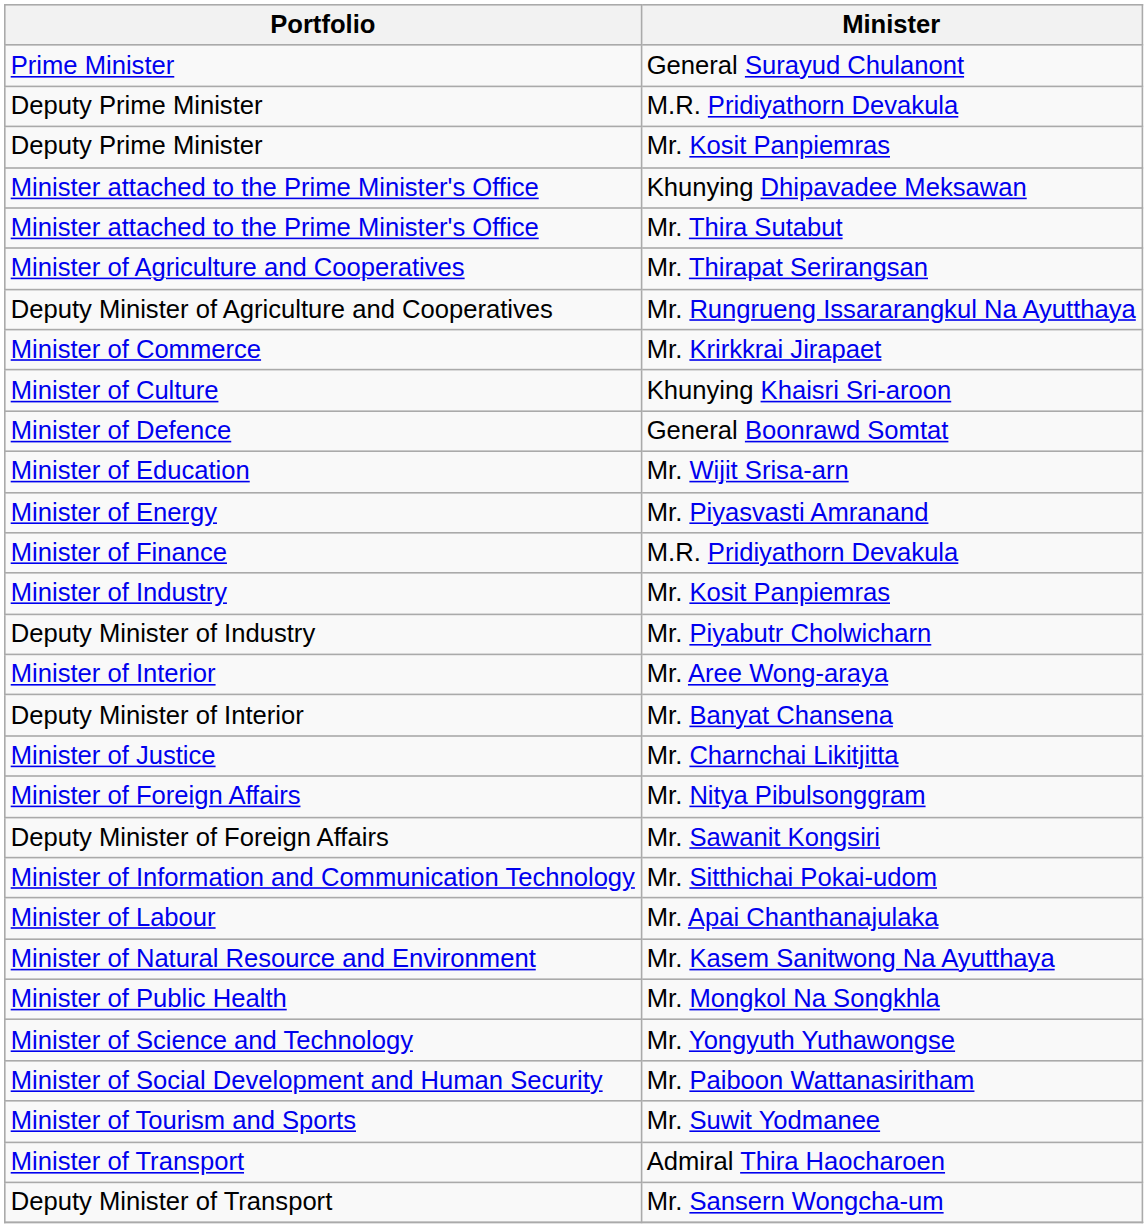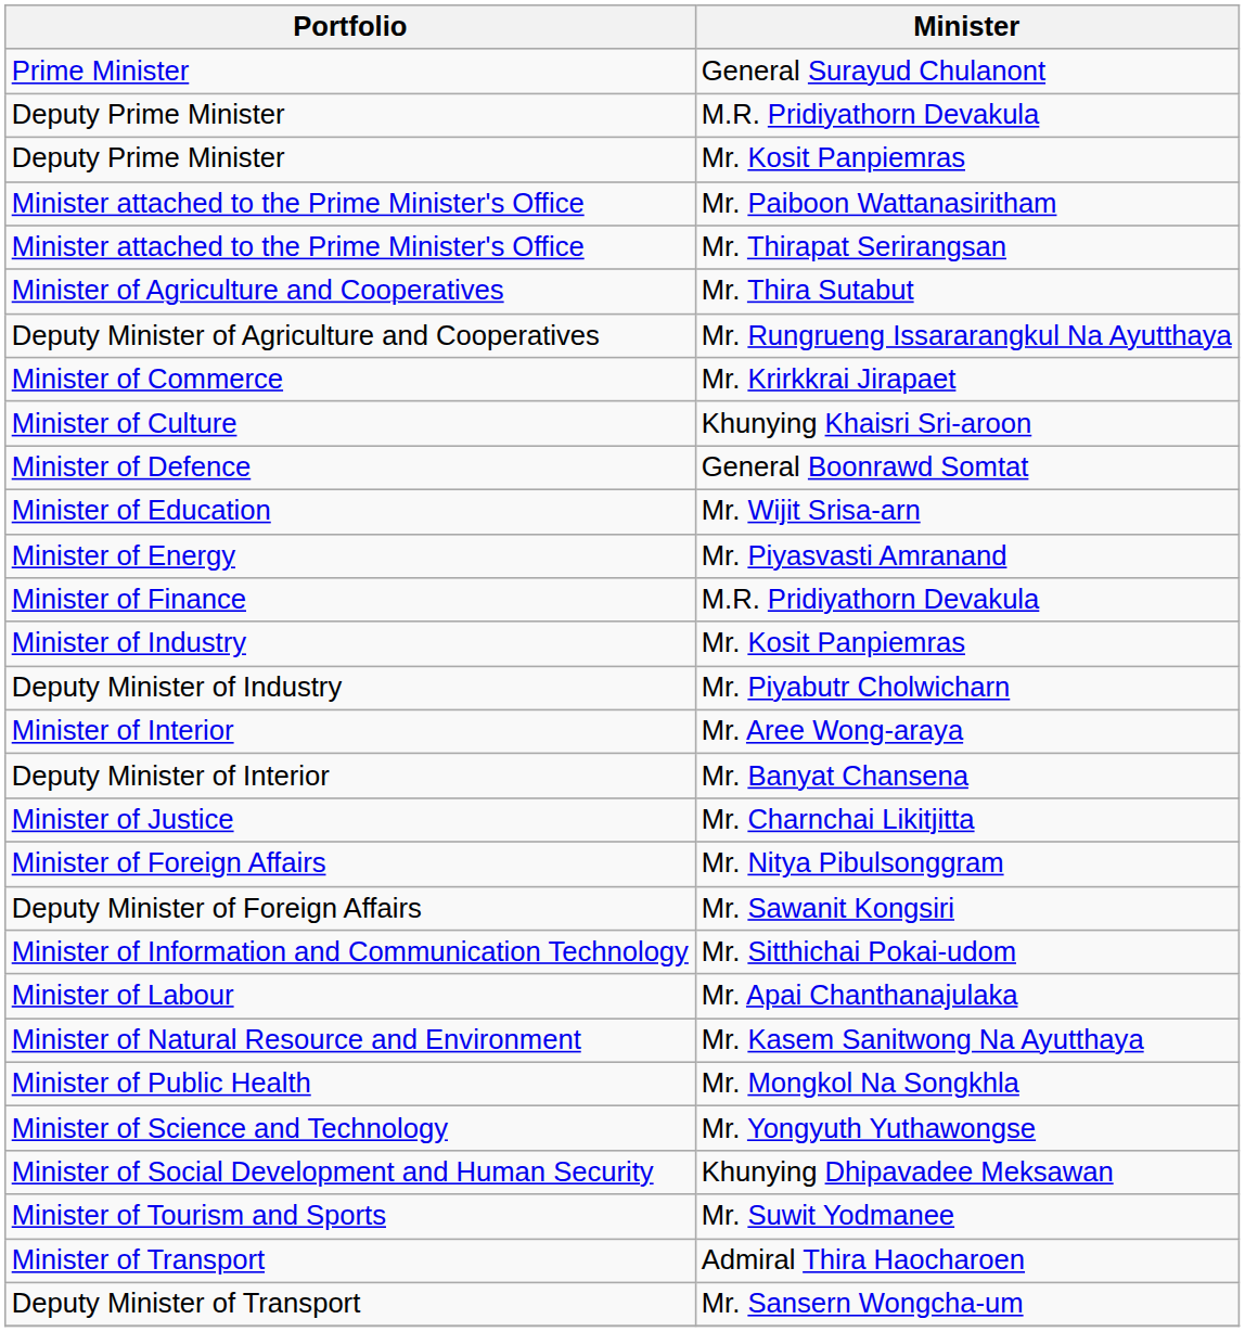 <table class="wikitable">
 <tr>
 <th>Portfolio</th>
 <th>Minister</th>
 </tr>
 <tr>
 <td><a href='#'>Prime Minister</a></td>
 <td>General <a href='#'>Surayud Chulanont</a></td>
 </tr>
 <tr>
 <td>Deputy Prime Minister</td>
 <td>M.R. <a href='#'>Pridiyathorn Devakula</a></td>
 </tr>
 <tr>
 <td>Deputy Prime Minister</td>
 <td>Mr. <a href='#'>Kosit Panpiemras</a></td>
 </tr>
 <tr>
 <td><a href='#'>Minister attached to the Prime Minister's Office</a></td>
-<td>Khunying <a href='#'>Dhipavadee Meksawan</a></td>
+<td>Mr. <a href='#'>Paiboon Wattanasiritham</a></td>
 </tr>
 <tr>
 <td><a href='#'>Minister attached to the Prime Minister's Office</a></td>
-<td>Mr. <a href='#'>Thira Sutabut</a></td>
+<td>Mr. <a href='#'>Thirapat Serirangsan</a></td>
 </tr>
 <tr>
 <td><a href='#'>Minister of Agriculture and Cooperatives</a></td>
-<td>Mr. <a href='#'>Thirapat Serirangsan</a></td>
+<td>Mr. <a href='#'>Thira Sutabut</a></td>
 </tr>
 <tr>
 <td>Deputy Minister of Agriculture and Cooperatives</td>
 <td>Mr. <a href='#'>Rungrueng Issararangkul Na Ayutthaya</a></td>
 </tr>
 <tr>
 <td><a href='#'>Minister of Commerce</a></td>
 <td>Mr. <a href='#'>Krirkkrai Jirapaet</a></td>
 </tr>
 <tr>
 <td><a href='#'>Minister of Culture</a></td>
 <td>Khunying <a href='#'>Khaisri Sri-aroon</a></td>
 </tr>
 <tr>
 <td><a href='#'>Minister of Defence</a></td>
 <td>General <a href='#'>Boonrawd Somtat</a></td>
 </tr>
 <tr>
 <td><a href='#'>Minister of Education</a></td>
 <td>Mr. <a href='#'>Wijit Srisa-arn</a></td>
 </tr>
 <tr>
 <td><a href='#'>Minister of Energy</a></td>
 <td>Mr. <a href='#'>Piyasvasti Amranand</a></td>
 </tr>
 <tr>
 <td><a href='#'>Minister of Finance</a></td>
 <td>M.R. <a href='#'>Pridiyathorn Devakula</a></td>
 </tr>
 <tr>
 <td><a href='#'>Minister of Industry</a></td>
 <td>Mr. <a href='#'>Kosit Panpiemras</a></td>
 </tr>
 <tr>
 <td>Deputy Minister of Industry</td>
 <td>Mr. <a href='#'>Piyabutr Cholwicharn</a></td>
 </tr>
 <tr>
 <td><a href='#'>Minister of Interior</a></td>
 <td>Mr. <a href='#'>Aree Wong-araya</a></td>
 </tr>
 <tr>
 <td>Deputy Minister of Interior</td>
 <td>Mr. <a href='#'>Banyat Chansena</a></td>
 </tr>
 <tr>
 <td><a href='#'>Minister of Justice</a></td>
 <td>Mr. <a href='#'>Charnchai Likitjitta</a></td>
 </tr>
 <tr>
 <td><a href='#'>Minister of Foreign Affairs</a></td>
 <td>Mr. <a href='#'>Nitya Pibulsonggram</a></td>
 </tr>
 <tr>
 <td>Deputy Minister of Foreign Affairs</td>
 <td>Mr. <a href='#'>Sawanit Kongsiri</a></td>
 </tr>
 <tr>
 <td><a href='#'>Minister of Information and Communication Technology</a></td>
 <td>Mr. <a href='#'>Sitthichai Pokai-udom</a></td>
 </tr>
 <tr>
 <td><a href='#'>Minister of Labour</a></td>
 <td>Mr. <a href='#'>Apai Chanthanajulaka</a></td>
 </tr>
 <tr>
 <td><a href='#'>Minister of Natural Resource and Environment</a></td>
 <td>Mr. <a href='#'>Kasem Sanitwong Na Ayutthaya</a></td>
 </tr>
 <tr>
 <td><a href='#'>Minister of Public Health</a></td>
 <td>Mr. <a href='#'>Mongkol Na Songkhla</a></td>
 </tr>
 <tr>
 <td><a href='#'>Minister of Science and Technology</a></td>
 <td>Mr. <a href='#'>Yongyuth Yuthawongse</a></td>
 </tr>
 <tr>
 <td><a href='#'>Minister of Social Development and Human Security</a></td>
-<td>Mr. <a href='#'>Paiboon Wattanasiritham</a></td>
+<td>Khunying <a href='#'>Dhipavadee Meksawan</a></td>
 </tr>
 <tr>
 <td><a href='#'>Minister of Tourism and Sports</a></td>
 <td>Mr.  <a href='#'>Suwit Yodmanee</a></td>
 </tr>
 <tr>
 <td><a href='#'>Minister of Transport</a></td>
 <td>Admiral <a href='#'>Thira Haocharoen</a></td>
 </tr>
 <tr>
 <td>Deputy Minister of Transport</td>
 <td>Mr. <a href='#'>Sansern Wongcha-um</a></td>
 </tr>
 <tr>
 </tr>
 </table>
